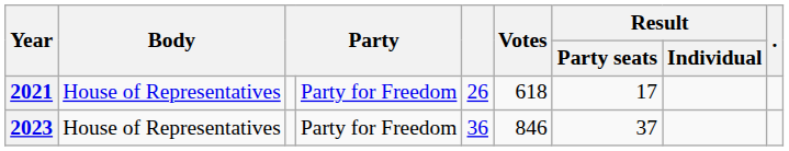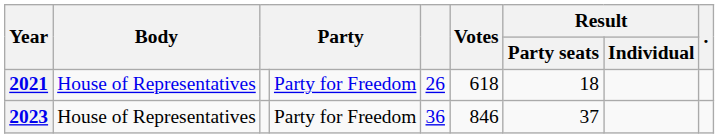 <table class="wikitable plainrowheaders sortable" border=2 cellpadding=4 cellspacing=0 style="border: 1px #aaa solid; font-size: 90%; text-align:center;">
 <tr>
 <th scope="col" rowspan=2>Year</th>
 <th scope="col" rowspan=2>Body</th>
 <th scope="col" colspan=2 rowspan=2>Party</th>
 <th scope="col" rowspan=2></th>
 <th scope="col" rowspan=2>Votes</th>
 <th scope="colgroup" colspan=2>Result</th>
 <th scope="col" rowspan=2 class="unsortable">.</th>
 </tr>
 <tr>
 <th scope="col">Party seats</th>
 <th scope="col">Individual</th>
 </tr>
 <tr>
 <th scope="row"><a href='#'>2021</a></th>
 <td><a href='#'>House of Representatives</a></td>
 <td style="background-color:"></td>
 <td><a href='#'>Party for Freedom</a></td>
 <td style=text-align:right><a href='#'>26</a></td>
 <td style=text-align:right>618</td>
-<td style=text-align:right>17</td>
+<td style=text-align:right>18</td>
 <td></td>
 <td></td>
 </tr>
 <tr>
 <th scope="row"><a href='#'>2023</a></th>
 <td>House of Representatives</td>
 <td style="background-color:"></td>
 <td>Party for Freedom</td>
 <td style=text-align:right><a href='#'>36</a></td>
 <td style=text-align:right>846</td>
 <td style=text-align:right>37</td>
 <td></td>
 <td></td>
 </tr>
 </table>
